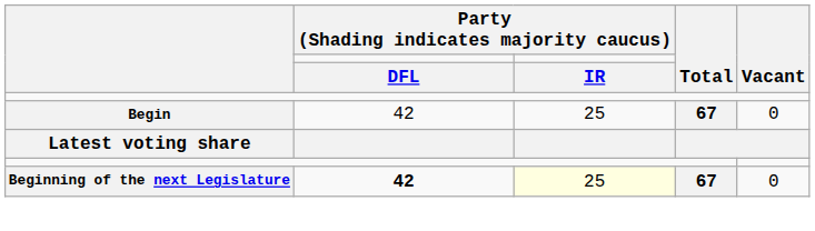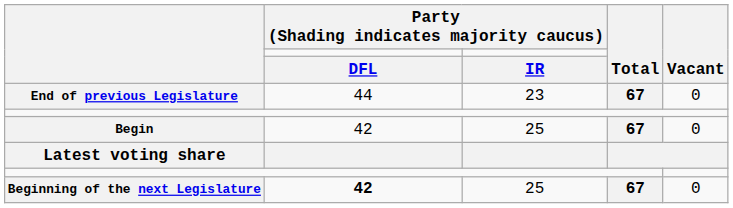 <table class=wikitable style="text-align:center">
 <tr style="vertical-align:bottom;">
 <th rowspan=3></th>
 <th colspan=2>Party <div>(Shading indicates majority caucus)</div></th>
 <th rowspan=3>Total</th>
 <th rowspan=3>Vacant</th>
 </tr>
 <tr style="height:5px">
 <td style="background-color:"></td>
 <td style="background-color:"></td>
 </tr>
 <tr>
 <th><a href='#'>DFL</a></th>
 <th><a href='#'>IR</a></th>
+</tr>
+<tr>
+<th style="white-space:nowrap; font-size:80%;">End of <a href='#'>previous Legislature</a></th>
+<td>44</td>
+<td>23</td>
+<th>67</th>
+<td>0</td>
 </tr>
 <tr>
 <td colspan=5></td>
 </tr>
 <tr>
 <th style="font-size:80%">Begin</th>
 <td>42</td>
 <td>25</td>
 <th>67</th>
 <td>0</td>
 </tr>
 <tr>
 <th>Latest voting share</th>
 <th></th>
 <th></th>
 <th colspan=2></th>
 </tr>
 <tr>
 <td colspan=4></td>
 </tr>
 <tr>
 <th style="white-space:nowrap; font-size:80%;">Beginning of the <a href='#'>next Legislature</a></th>
 <td><strong>42</strong></td>
-<td style="background: lightyellow;">25</td>
+<td>25</td>
 <th>67</th>
 <td>0</td>
 </tr>
 </table>
